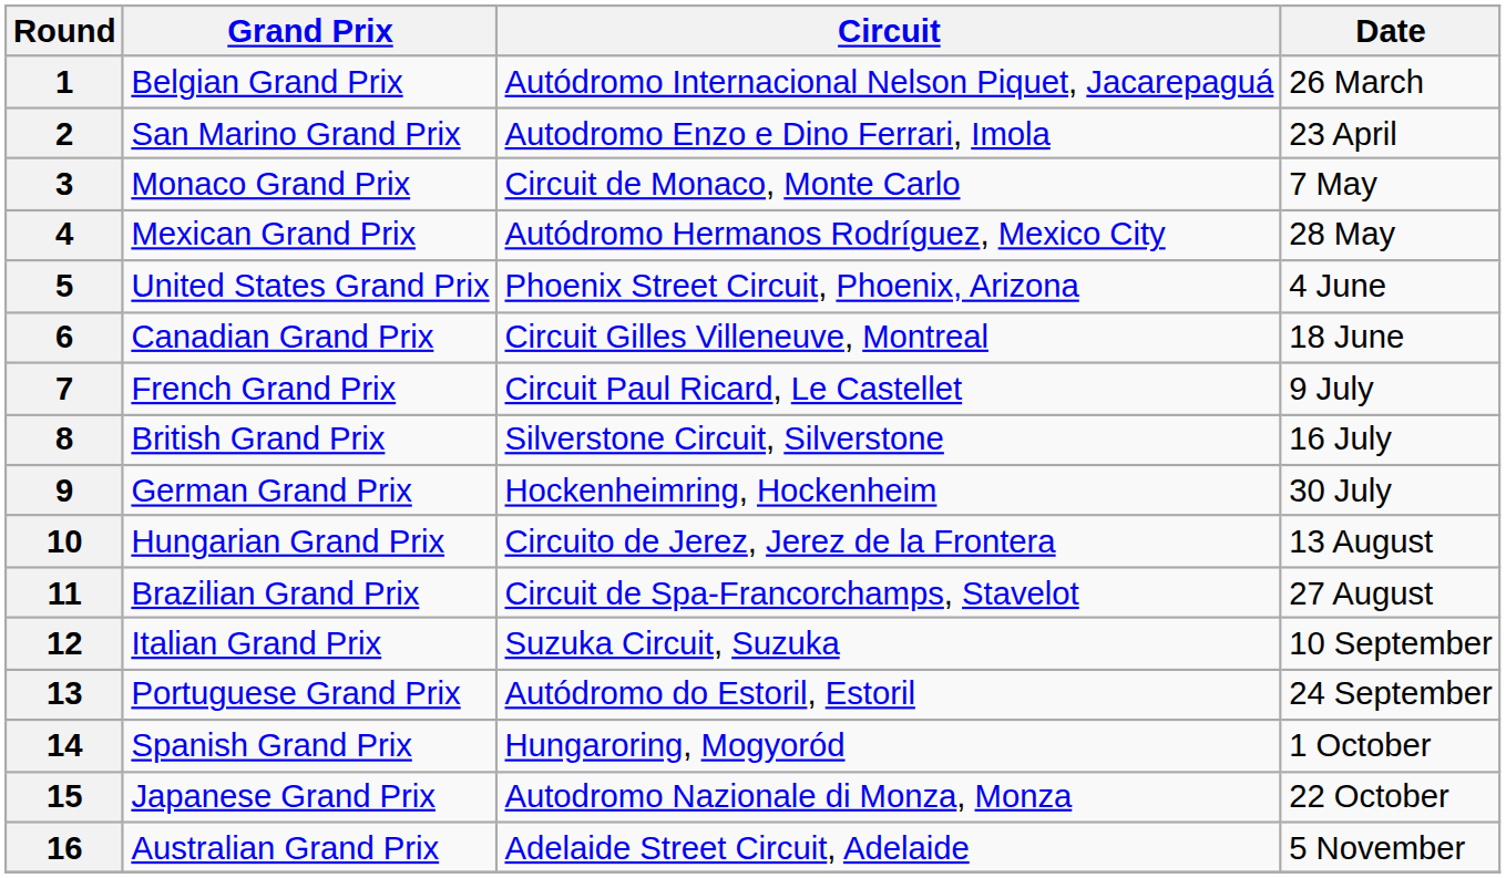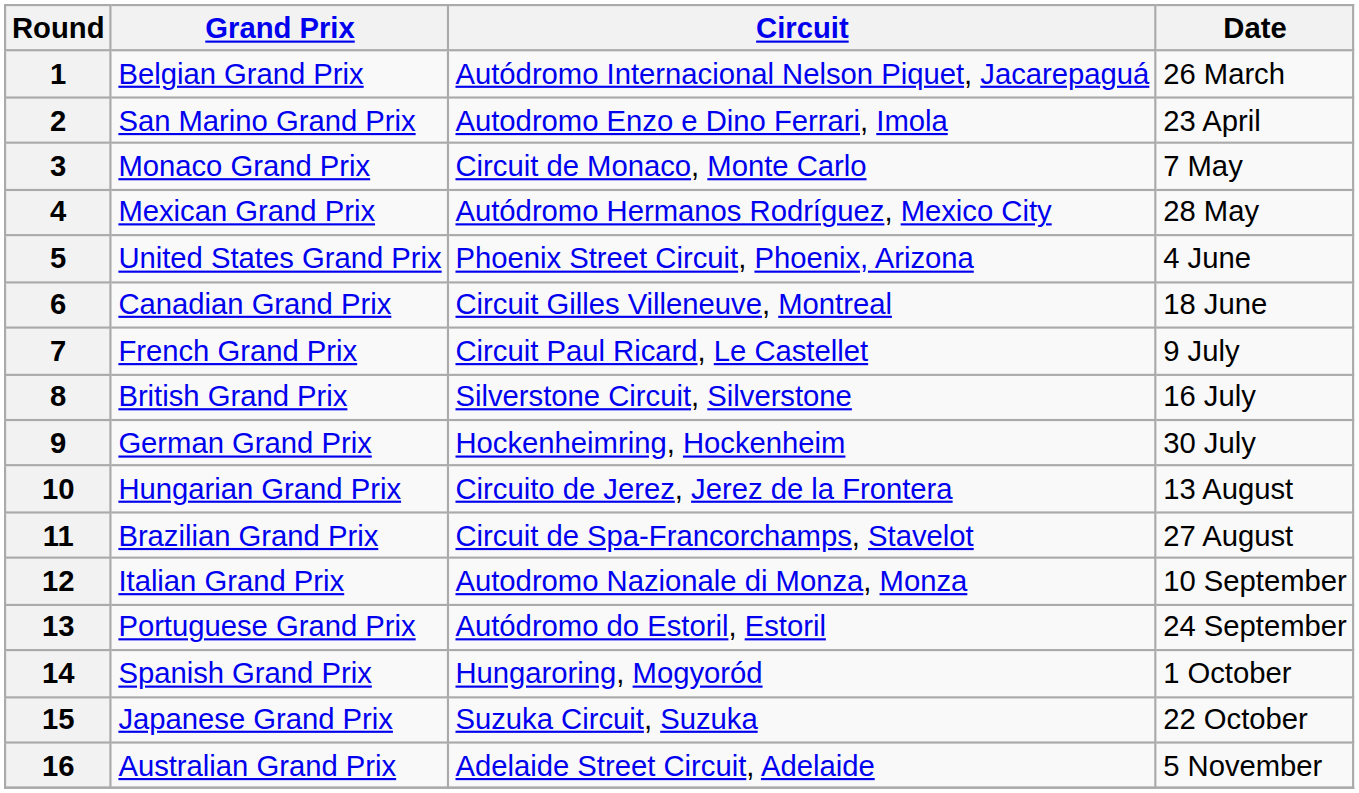 <table class="wikitable" style="font-size: 85%;">
 <tr>
 <th>Round</th>
 <th><a href='#'>Grand Prix</a></th>
 <th><a href='#'>Circuit</a></th>
 <th>Date</th>
 </tr>
 <tr>
 <th>1</th>
 <td><a href='#'>Belgian Grand Prix</a></td>
 <td nowrap> <a href='#'>Autódromo Internacional Nelson Piquet</a>, <a href='#'>Jacarepaguá</a></td>
 <td>26 March</td>
 </tr>
 <tr>
 <th>2</th>
 <td><a href='#'>San Marino Grand Prix</a></td>
 <td> <a href='#'>Autodromo Enzo e Dino Ferrari</a>, <a href='#'>Imola</a></td>
 <td>23 April</td>
 </tr>
 <tr>
 <th>3</th>
 <td><a href='#'>Monaco Grand Prix</a></td>
 <td> <a href='#'>Circuit de Monaco</a>, <a href='#'>Monte Carlo</a></td>
 <td>7 May</td>
 </tr>
 <tr>
 <th>4</th>
 <td><a href='#'>Mexican Grand Prix</a></td>
 <td> <a href='#'>Autódromo Hermanos Rodríguez</a>, <a href='#'>Mexico City</a></td>
 <td>28 May</td>
 </tr>
 <tr>
 <th>5</th>
 <td nowrap><a href='#'>United States Grand Prix</a></td>
 <td> <a href='#'>Phoenix Street Circuit</a>, <a href='#'>Phoenix, Arizona</a></td>
 <td>4 June</td>
 </tr>
 <tr>
 <th>6</th>
 <td><a href='#'>Canadian Grand Prix</a></td>
 <td> <a href='#'>Circuit Gilles Villeneuve</a>, <a href='#'>Montreal</a></td>
 <td>18 June</td>
 </tr>
 <tr>
 <th>7</th>
 <td><a href='#'>French Grand Prix</a></td>
 <td> <a href='#'>Circuit Paul Ricard</a>, <a href='#'>Le Castellet</a></td>
 <td>9 July</td>
 </tr>
 <tr>
 <th>8</th>
 <td><a href='#'>British Grand Prix</a></td>
 <td> <a href='#'>Silverstone Circuit</a>, <a href='#'>Silverstone</a></td>
 <td>16 July</td>
 </tr>
 <tr>
 <th>9</th>
 <td><a href='#'>German Grand Prix</a></td>
 <td> <a href='#'>Hockenheimring</a>, <a href='#'>Hockenheim</a></td>
 <td>30 July</td>
 </tr>
 <tr>
 <th>10</th>
 <td><a href='#'>Hungarian Grand Prix</a></td>
 <td> <a href='#'>Circuito de Jerez</a>, <a href='#'>Jerez de la Frontera</a></td>
 <td>13 August</td>
 </tr>
 <tr>
 <th>11</th>
 <td><a href='#'>Brazilian Grand Prix</a></td>
 <td> <a href='#'>Circuit de Spa-Francorchamps</a>, <a href='#'>Stavelot</a></td>
 <td>27 August</td>
 </tr>
 <tr>
 <th>12</th>
 <td><a href='#'>Italian Grand Prix</a></td>
-<td> <a href='#'>Suzuka Circuit</a>, <a href='#'>Suzuka</a></td>
+<td> <a href='#'>Autodromo Nazionale di Monza</a>, <a href='#'>Monza</a></td>
 <td>10 September</td>
 </tr>
 <tr>
 <th>13</th>
 <td><a href='#'>Portuguese Grand Prix</a></td>
 <td> <a href='#'>Autódromo do Estoril</a>, <a href='#'>Estoril</a></td>
 <td nowrap>24 September</td>
 </tr>
 <tr>
 <th>14</th>
 <td><a href='#'>Spanish Grand Prix</a></td>
 <td> <a href='#'>Hungaroring</a>, <a href='#'>Mogyoród</a></td>
 <td>1 October</td>
 </tr>
 <tr>
 <th>15</th>
 <td><a href='#'>Japanese Grand Prix</a></td>
-<td> <a href='#'>Autodromo Nazionale di Monza</a>, <a href='#'>Monza</a></td>
+<td> <a href='#'>Suzuka Circuit</a>, <a href='#'>Suzuka</a></td>
 <td>22 October</td>
 </tr>
 <tr>
 <th>16</th>
 <td><a href='#'>Australian Grand Prix</a></td>
 <td> <a href='#'>Adelaide Street Circuit</a>, <a href='#'>Adelaide</a></td>
 <td>5 November</td>
 </tr>
 <tr>
 </tr>
 </table>
